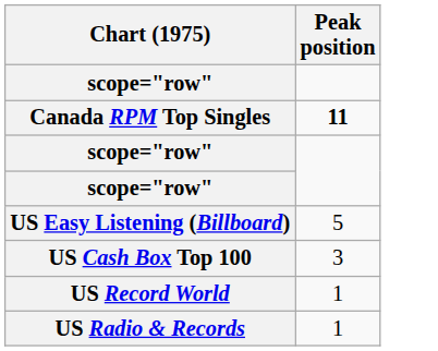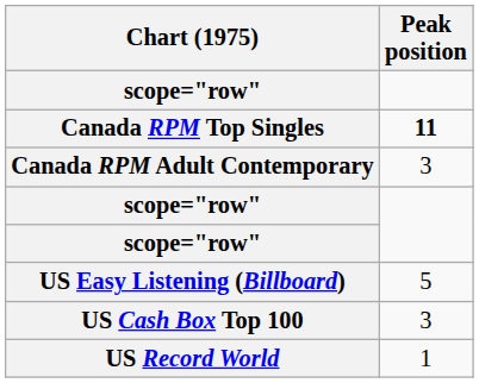 <table class="wikitable sortable plainrowheaders" style="text-align:center;">
 <tr>
 <th scope="col">Chart (1975)</th>
 <th scope="col">Peak<br>position</th>
 </tr>
 <tr>
 <th>scope="row" </th>
 </tr>
 <tr>
 <th scope="row">Canada <a href='#'><em>RPM</em></a> Top Singles</th>
 <td style="text-align:center;"><strong>11</strong></td>
+</tr>
+<tr>
+<th scope="row">Canada <em>RPM</em> Adult Contemporary</th>
+<td style="text-align:center;">3</td>
 </tr>
 <tr>
 <th>scope="row" </th>
 </tr>
 <tr>
 <th>scope="row" </th>
 </tr>
 <tr>
 <th scope="row">US <a href='#'>Easy Listening</a> (<em><a href='#'>Billboard</a></em>)</th>
 <td style="text-align:center;">5</td>
 </tr>
 <tr>
 <th scope="row">US <a href='#'><em>Cash Box</em></a> Top 100 </th>
 <td style="text-align:center;">3</td>
 </tr>
 <tr>
 <th scope="row">US <em><a href='#'>Record World</a></em> </th>
 <td style="text-align:center;">1</td>
 </tr>
-<tr>
-<th scope="row">US <em><a href='#'>Radio & Records</a></em></th>
-<td style="text-align:center;">1</td>
-</tr>
 </table>
